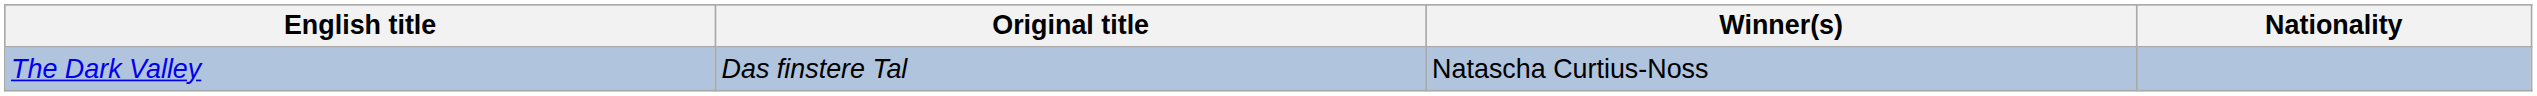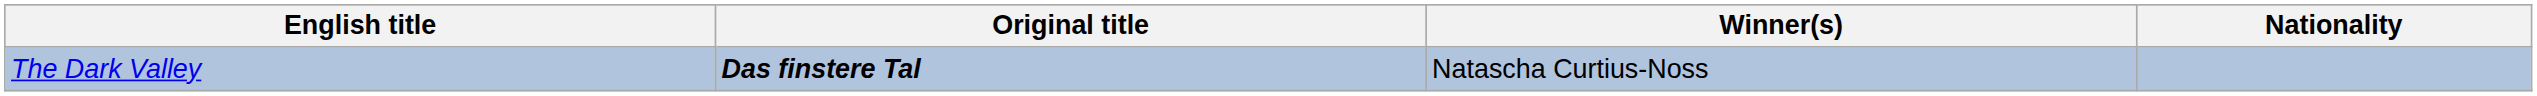 <table class="wikitable" width="95%" cellpadding="5">
 <tr>
 <th width="18%">English title</th>
 <th width="18%">Original title</th>
 <th width="18%">Winner(s)</th>
 <th width="10%">Nationality</th>
 </tr>
 <tr style="background:#B0C4DE;">
 <td><em><a href='#'>The Dark Valley</a></em></td>
-<td><em>Das finstere Tal</em></td>
+<td><strong><em>Das finstere Tal</em></strong></td>
 <td>Natascha Curtius-Noss</td>
 <td></td>
 </tr>
 <tr>
 </tr>
 </table>
